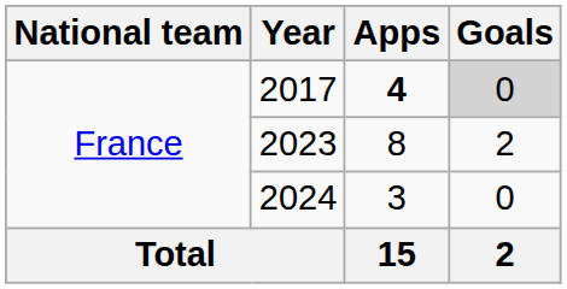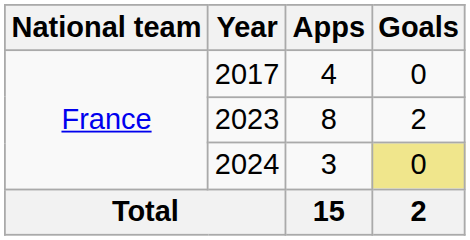 <table class="wikitable" style="text-align:center">
 <tr>
 <th>National team</th>
 <th>Year</th>
 <th>Apps</th>
 <th>Goals</th>
 </tr>
 <tr>
 <td rowspan="3"><a href='#'>France</a></td>
 <td>2017</td>
-<td><strong>4</strong></td>
-<td style="background: lightgrey;">0</td>
+<td>4</td>
+<td>0</td>
 </tr>
 <tr>
 <td>2023</td>
 <td>8</td>
 <td>2</td>
 </tr>
 <tr>
 <td>2024</td>
 <td>3</td>
-<td>0</td>
+<td style="background: khaki;">0</td>
 </tr>
 <tr>
 <th colspan="2">Total</th>
 <th>15</th>
 <th>2</th>
 </tr>
 </table>
